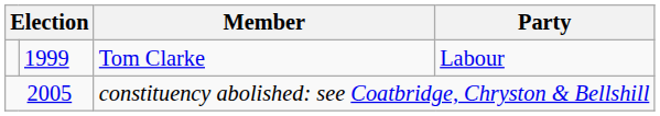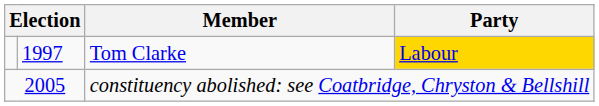 <table class="wikitable">
 <tr>
 <th colspan="2">Election</th>
 <th>Member</th>
 <th>Party</th>
 </tr>
 <tr>
 <td style="color:inherit;background-color: "></td>
-<td><a href='#'>1999</a></td>
+<td><a href='#'>1997</a></td>
 <td><a href='#'>Tom Clarke</a></td>
-<td><a href='#'>Labour</a></td>
+<td style="background: gold;"><a href='#'>Labour</a></td>
 </tr>
 <tr>
 <td colspan="2" align="center"><a href='#'>2005</a></td>
 <td colspan="2"><em>constituency abolished: see <a href='#'>Coatbridge, Chryston & Bellshill</a></em></td>
 </tr>
 </table>
